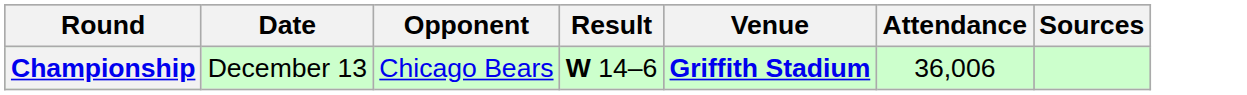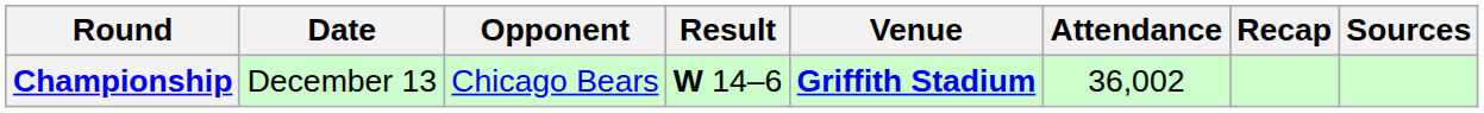 <table class="wikitable" style="text-align:center">
 <tr>
 <th>Round</th>
 <th>Date</th>
 <th>Opponent</th>
 <th>Result</th>
 <th>Venue</th>
 <th>Attendance</th>
+<th>Recap</th>
 <th>Sources</th>
 </tr>
 <tr style="background:#cfc">
 <th><a href='#'>Championship</a></th>
 <td>December 13</td>
 <td><a href='#'>Chicago Bears</a></td>
 <td><strong>W</strong> 14–6</td>
 <td><strong><a href='#'>Griffith Stadium</a></strong></td>
-<td>36,006</td>
+<td>36,002</td>
+<td></td>
 <td></td>
 </tr>
 </table>
